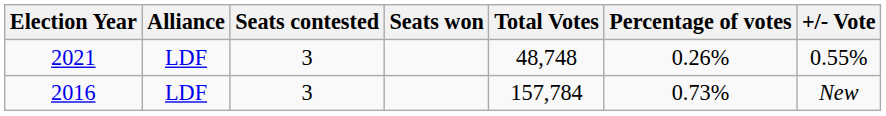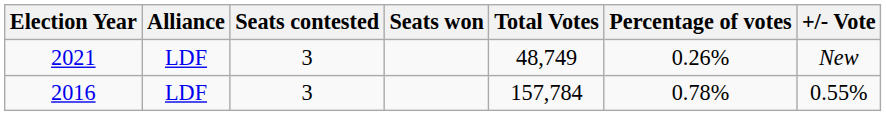 <table class="wikitable" style="text-align:center">
 <tr>
 <th Style="background-color:">Election Year</th>
 <th Style="background-color:">Alliance</th>
 <th Style="background-color:">Seats contested</th>
 <th Style="background-color:">Seats won</th>
 <th Style="background-color:">Total Votes</th>
 <th Style="background-color:">Percentage of votes</th>
 <th Style="background-color:">+/- Vote</th>
 </tr>
 <tr>
 <td><a href='#'>2021</a></td>
 <td><a href='#'>LDF</a></td>
 <td>3</td>
 <td></td>
-<td>48,748</td>
+<td>48,749</td>
 <td>0.26%</td>
-<td> 0.55%</td>
+<td><em>New</em></td>
 </tr>
 <tr>
 <td><a href='#'>2016</a></td>
 <td><a href='#'>LDF</a></td>
 <td>3</td>
 <td></td>
 <td>157,784</td>
-<td>0.73%</td>
-<td><em>New</em></td>
+<td>0.78%</td>
+<td> 0.55%</td>
 </tr>
 </table>
